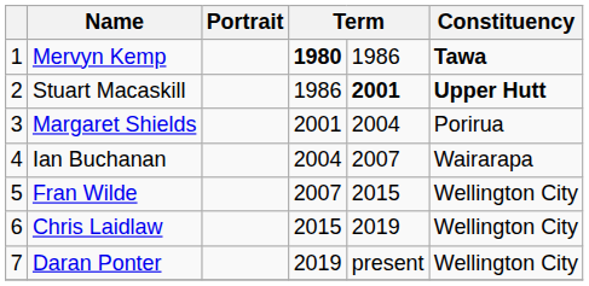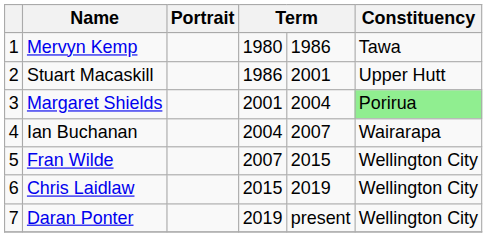 <table class="wikitable">
 <tr>
 <th></th>
 <th>Name</th>
 <th>Portrait</th>
 <th colspan=2>Term</th>
 <th>Constituency</th>
 </tr>
 <tr>
 <td>1</td>
 <td><a href='#'>Mervyn Kemp</a></td>
 <td></td>
-<td><strong>1980</strong></td>
+<td>1980</td>
 <td>1986</td>
-<td><strong>Tawa</strong></td>
+<td>Tawa</td>
 </tr>
 <tr>
 <td>2</td>
 <td>Stuart Macaskill</td>
 <td></td>
 <td>1986</td>
-<td><strong>2001</strong></td>
-<td><strong>Upper Hutt</strong></td>
+<td>2001</td>
+<td>Upper Hutt</td>
 </tr>
 <tr>
 <td>3</td>
 <td><a href='#'>Margaret Shields</a></td>
 <td></td>
 <td>2001</td>
 <td>2004</td>
-<td>Porirua</td>
+<td style="background: lightgreen;">Porirua</td>
 </tr>
 <tr>
 <td>4</td>
 <td>Ian Buchanan</td>
 <td></td>
 <td>2004</td>
 <td>2007</td>
 <td>Wairarapa</td>
 </tr>
 <tr>
 <td>5</td>
 <td><a href='#'>Fran Wilde</a></td>
 <td></td>
 <td>2007</td>
 <td>2015</td>
 <td>Wellington City</td>
 </tr>
 <tr>
 <td>6</td>
 <td><a href='#'>Chris Laidlaw</a></td>
 <td></td>
 <td>2015</td>
 <td>2019</td>
 <td>Wellington City</td>
 </tr>
 <tr>
 <td>7</td>
 <td><a href='#'>Daran Ponter</a></td>
 <td></td>
 <td>2019</td>
 <td>present</td>
 <td>Wellington City</td>
 </tr>
 <tr>
 </tr>
 </table>
